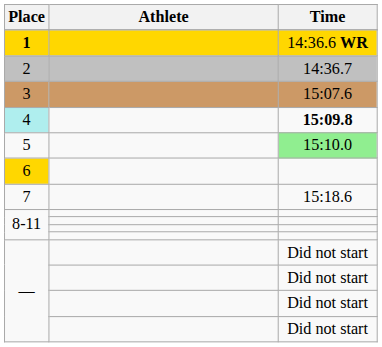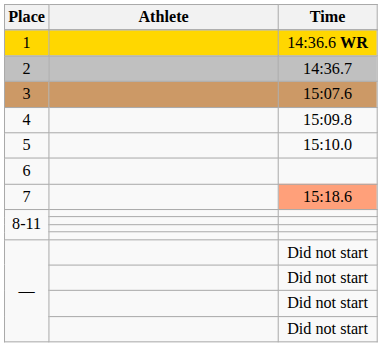 <table class=wikitable style="text-align:center">
 <tr>
 <th width=20>Place</th>
 <th width=220>Athlete</th>
 <th width=90>Time</th>
 </tr>
 <tr>
 </tr>
 <tr align=center bgcolor=gold>
-<td><strong>1</strong></td>
+<td>1</td>
 <td align=left></td>
 <td>14:36.6 <strong>WR</strong></td>
 </tr>
 <tr align=center bgcolor=silver>
 <td>2</td>
 <td align=left></td>
 <td>14:36.7</td>
 </tr>
 <tr align=center bgcolor=cc9966>
 <td>3</td>
 <td align=left></td>
 <td>15:07.6</td>
 </tr>
 <tr>
-<td style="background: paleturquoise;">4</td>
+<td>4</td>
 <td align=left></td>
-<td><strong>15:09.8</strong></td>
+<td>15:09.8</td>
 </tr>
 <tr>
 <td>5</td>
 <td align=left></td>
-<td style="background: lightgreen;">15:10.0</td>
+<td>15:10.0</td>
 </tr>
 <tr>
-<td style="background: gold;">6</td>
+<td>6</td>
 <td align=left></td>
 <td></td>
 </tr>
 <tr>
 <td>7</td>
 <td align=left></td>
-<td>15:18.6</td>
+<td style="background: lightsalmon;">15:18.6</td>
 </tr>
 <tr>
 <td rowspan=4>8-11</td>
 <td align=left></td>
 <td></td>
 </tr>
 <tr>
 <td align=left></td>
 <td></td>
 </tr>
 <tr>
 <td align=left></td>
 <td></td>
 </tr>
 <tr>
 <td align=left></td>
 <td></td>
 </tr>
 <tr>
 <td rowspan=4>—</td>
 <td align=left></td>
 <td>Did not start</td>
 </tr>
 <tr>
 <td align=left></td>
 <td>Did not start</td>
 </tr>
 <tr>
 <td align=left></td>
 <td>Did not start</td>
 </tr>
 <tr>
 <td align=left></td>
 <td>Did not start</td>
 </tr>
 </table>
